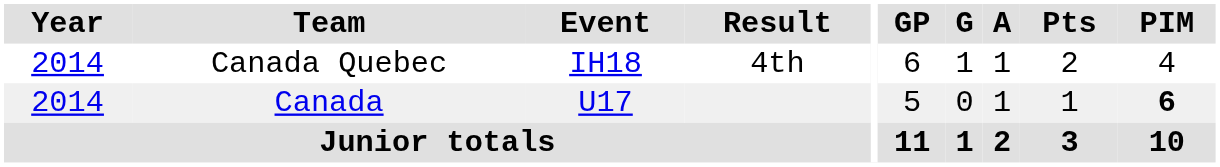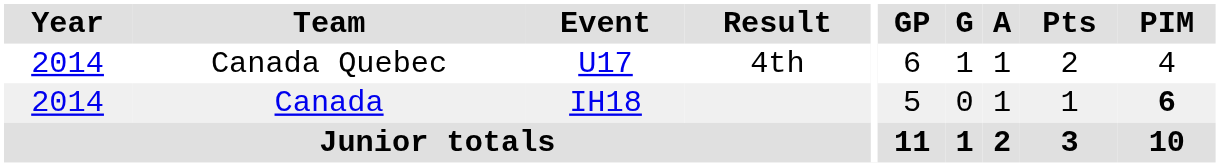 <table border="0" cellpadding="1" cellspacing="0" ID="Table3" style="text-align:center; width:40em">
 <tr ALIGN="center" bgcolor="#e0e0e0">
 <th>Year</th>
 <th>Team</th>
 <th>Event</th>
 <th>Result</th>
 <th rowspan="99" bgcolor="#ffffff"></th>
 <th>GP</th>
 <th>G</th>
 <th>A</th>
 <th>Pts</th>
 <th>PIM</th>
 </tr>
 <tr>
 <td><a href='#'>2014</a></td>
 <td>Canada Quebec</td>
-<td><a href='#'>IH18</a></td>
+<td><a href='#'>U17</a></td>
 <td>4th</td>
 <td>6</td>
 <td>1</td>
 <td>1</td>
 <td>2</td>
 <td>4</td>
 </tr>
 <tr bgcolor="#f0f0f0">
 <td><a href='#'>2014</a></td>
 <td><a href='#'>Canada</a></td>
-<td><a href='#'>U17</a></td>
+<td><a href='#'>IH18</a></td>
 <td></td>
 <td>5</td>
 <td>0</td>
 <td>1</td>
 <td>1</td>
 <td><strong>6</strong></td>
 </tr>
 <tr bgcolor="#e0e0e0">
 <th colspan="4">Junior totals</th>
 <th>11</th>
 <th>1</th>
 <th>2</th>
 <th>3</th>
 <th>10</th>
 </tr>
 </table>
